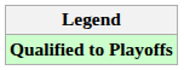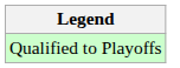 <table class="wikitable">
 <tr>
 <th>Legend</th>
 </tr>
 <tr style="background:#cfc;">
-<td><strong>Qualified to Playoffs</strong></td>
+<td>Qualified to Playoffs</td>
 </tr>
 </table>
